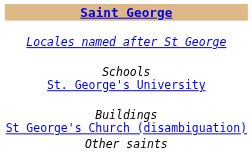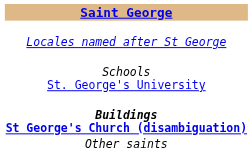 <table align="center" class="toccolours" cellspacing="0">
 <tr bgcolor="#deb887">
 <th align="center"><a href='#'>Saint George</a></th>
 </tr>
 <tr>
 <td align="center" style="font-size: 90%;"><br><em><a href='#'>Locales named after St George</a></em></td>
 </tr>
 <tr>
 <td align="center" style="font-size: 90%;"><br><em>Schools</em><br> <a href='#'>St. George's University</a>    </td>
 </tr>
 <tr>
-<td align="center" style="font-size: 90%;"><br><em>Buildings</em><br> <a href='#'>St George's Church (disambiguation)</a>    <br></td>
+<td align="center" style="font-size: 90%;"><strong><br><em>Buildings</em><br> <a href='#'>St George's Church (disambiguation)</a>    <br></strong></td>
 </tr>
 <tr>
 <td align="center" style="font-size: 90%;"><em>Other saints</em><br> </td>
 </tr>
 </table>
